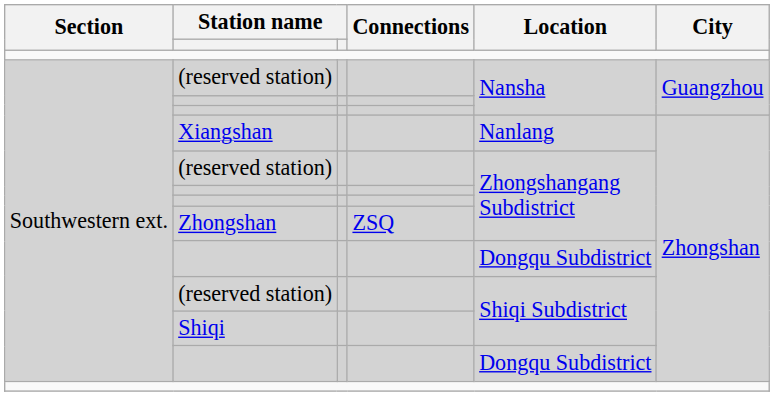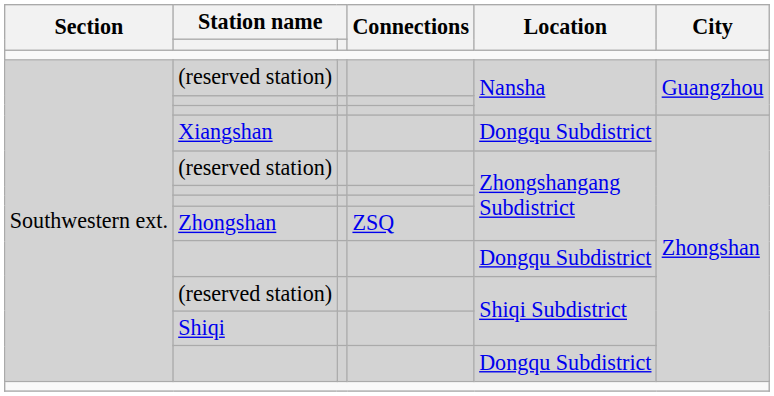 <table class="wikitable">
 <tr>
 <th rowspan="2">Section<br></th>
 <th colspan="2">Station name</th>
 <th rowspan="2">Connections<br></th>
 <th rowspan="2">Location</th>
 <th rowspan="2">City</th>
 </tr>
 <tr>
 <th></th>
 <th></th>
 </tr>
 <tr style="background:#">
 <td colspan="12"></td>
 </tr>
 <tr bgcolor="lightgrey">
 <td rowspan="12">Southwestern ext.</td>
 <td> (reserved station)</td>
 <td></td>
 <td></td>
 <td rowspan="3"><a href='#'>Nansha</a></td>
 <td rowspan="3"><a href='#'>Guangzhou</a></td>
 </tr>
 <tr bgcolor="lightgrey">
 <td></td>
 <td></td>
 <td></td>
 </tr>
 <tr bgcolor="lightgrey">
 <td></td>
 <td></td>
 <td></td>
 </tr>
 <tr bgcolor="lightgrey">
 <td><a href='#'>Xiangshan</a></td>
 <td></td>
 <td></td>
-<td><a href='#'>Nanlang</a></td>
+<td><a href='#'>Dongqu Subdistrict</a></td>
 <td rowspan="9"><a href='#'>Zhongshan</a></td>
 </tr>
 <tr bgcolor="lightgrey">
 <td> (reserved station)</td>
 <td></td>
 <td></td>
 <td rowspan="4"><a href='#'>Zhongshangang<br>Subdistrict</a></td>
 </tr>
 <tr bgcolor="lightgrey">
 <td></td>
 <td></td>
 <td></td>
 </tr>
 <tr bgcolor="lightgrey">
 <td></td>
 <td></td>
 <td></td>
 </tr>
 <tr bgcolor="lightgrey">
 <td><a href='#'>Zhongshan</a></td>
 <td></td>
 <td> <a href='#'>ZSQ</a></td>
 </tr>
 <tr bgcolor="lightgrey">
 <td></td>
 <td></td>
 <td></td>
 <td><a href='#'>Dongqu Subdistrict</a></td>
 </tr>
 <tr bgcolor="lightgrey">
 <td> (reserved station)</td>
 <td></td>
 <td></td>
 <td rowspan="2"><a href='#'>Shiqi Subdistrict</a></td>
 </tr>
 <tr bgcolor="lightgrey">
 <td><a href='#'>Shiqi</a></td>
 <td></td>
 <td></td>
 </tr>
 <tr bgcolor="lightgrey">
 <td></td>
 <td></td>
 <td></td>
 <td><a href='#'>Dongqu Subdistrict</a></td>
 </tr>
 <tr style="background:#">
 <td colspan="12"></td>
 </tr>
 </table>
